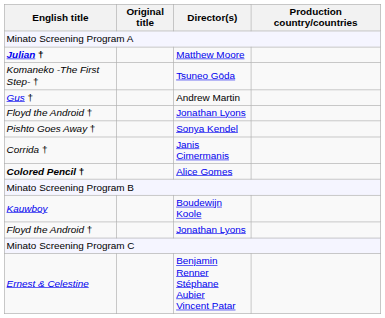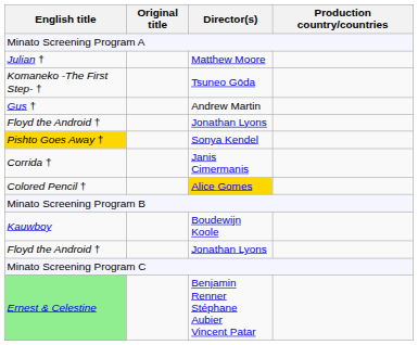 <table class="sortable wikitable">
 <tr>
 <th>English title</th>
 <th>Original title</th>
 <th>Director(s)</th>
 <th>Production country/countries</th>
 </tr>
 <tr>
 <td colspan="5" style="background:#F5F5FF;">Minato Screening Program A</td>
 </tr>
 <tr>
-<td><strong><em><a href='#'>Julian</a></em> †</strong></td>
+<td><em><a href='#'>Julian</a></em> †</td>
 <td></td>
 <td><a href='#'>Matthew Moore</a></td>
 <td></td>
 </tr>
 <tr>
 <td><em>Komaneko -The First Step-</em> †</td>
 <td></td>
 <td><a href='#'>Tsuneo Gōda</a></td>
 <td></td>
 </tr>
 <tr>
 <td><em><a href='#'>Gus</a></em> †</td>
 <td></td>
 <td>Andrew Martin</td>
 <td></td>
 </tr>
 <tr>
 <td><em>Floyd the Android</em> †</td>
 <td></td>
 <td><a href='#'>Jonathan Lyons</a></td>
 <td></td>
 </tr>
 <tr>
-<td><em>Pishto Goes Away</em> †</td>
+<td style="background: gold;"><em>Pishto Goes Away</em> †</td>
 <td></td>
 <td><a href='#'>Sonya Kendel</a></td>
 <td></td>
 </tr>
 <tr>
 <td><em>Corrida</em> †</td>
 <td></td>
 <td><a href='#'>Janis Cimermanis</a></td>
 <td></td>
 </tr>
 <tr>
-<td><strong><em>Colored Pencil</em> †</strong></td>
+<td><em>Colored Pencil</em> †</td>
 <td></td>
-<td><a href='#'>Alice Gomes</a></td>
+<td style="background: gold;"><a href='#'>Alice Gomes</a></td>
 <td></td>
 </tr>
 <tr>
 <td colspan="5" style="background:#F5F5FF;">Minato Screening Program B</td>
 </tr>
 <tr>
 <td><em><a href='#'>Kauwboy</a></em></td>
 <td></td>
 <td><a href='#'>Boudewijn Koole</a></td>
 <td></td>
 </tr>
 <tr>
 <td><em>Floyd the Android</em> †</td>
 <td></td>
 <td><a href='#'>Jonathan Lyons</a></td>
 <td></td>
 </tr>
 <tr>
 <td colspan="5" style="background:#F5F5FF;">Minato Screening Program C</td>
 </tr>
 <tr>
-<td><em><a href='#'>Ernest & Celestine</a></em></td>
+<td style="background: lightgreen;"><em><a href='#'>Ernest & Celestine</a></em></td>
 <td><em></em></td>
 <td><a href='#'>Benjamin Renner</a><br><a href='#'>Stéphane Aubier</a><br><a href='#'>Vincent Patar</a></td>
 <td></td>
 </tr>
 </table>
